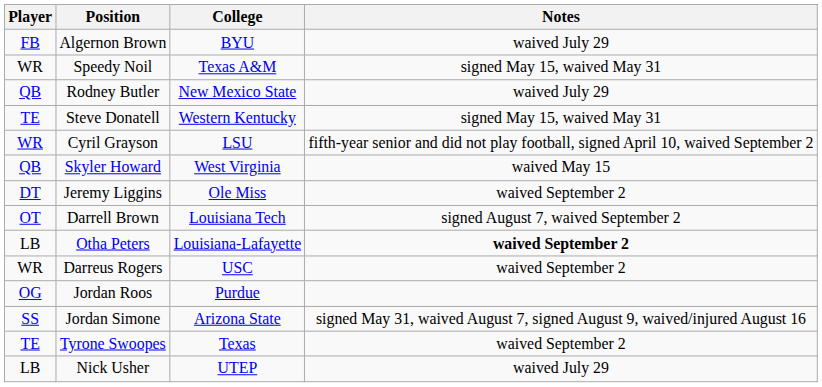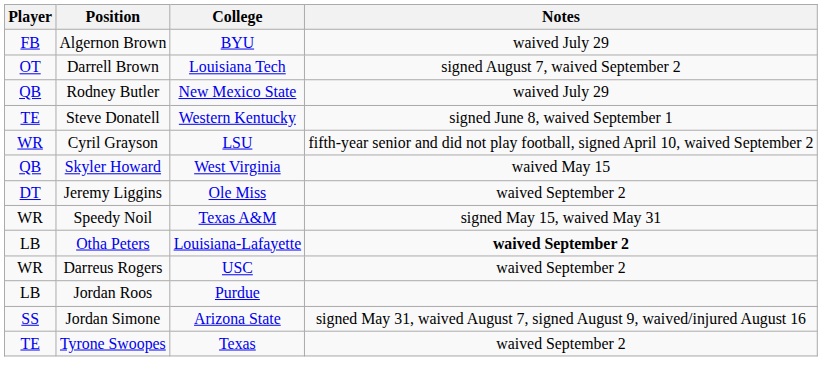 <table class="wikitable" style="text-align:center">
 <tr>
 <th>Player</th>
 <th>Position</th>
 <th>College</th>
 <th>Notes</th>
 </tr>
 <tr>
 <td><a href='#'>FB</a></td>
 <td>Algernon Brown</td>
 <td><a href='#'>BYU</a></td>
 <td>waived July 29</td>
 </tr>
 <tr>
-<td>WR</td>
-<td>Speedy Noil</td>
-<td><a href='#'>Texas A&M</a></td>
-<td>signed May 15, waived May 31</td>
+<td><a href='#'>OT</a></td>
+<td>Darrell Brown</td>
+<td><a href='#'>Louisiana Tech</a></td>
+<td>signed August 7, waived September 2</td>
 </tr>
 <tr>
 <td><a href='#'>QB</a></td>
 <td>Rodney Butler</td>
 <td><a href='#'>New Mexico State</a></td>
 <td>waived July 29</td>
 </tr>
 <tr>
 <td><a href='#'>TE</a></td>
 <td>Steve Donatell</td>
 <td><a href='#'>Western Kentucky</a></td>
-<td>signed May 15, waived May 31</td>
+<td>signed June 8, waived September 1</td>
 </tr>
 <tr>
 <td><a href='#'>WR</a></td>
 <td>Cyril Grayson</td>
 <td><a href='#'>LSU</a></td>
 <td>fifth-year senior and did not play football, signed April 10, waived September 2</td>
 </tr>
 <tr>
 <td><a href='#'>QB</a></td>
 <td><a href='#'>Skyler Howard</a></td>
 <td><a href='#'>West Virginia</a></td>
 <td>waived May 15</td>
 </tr>
 <tr>
 <td><a href='#'>DT</a></td>
 <td>Jeremy Liggins</td>
 <td><a href='#'>Ole Miss</a></td>
 <td>waived September 2</td>
 </tr>
 <tr>
-<td><a href='#'>OT</a></td>
-<td>Darrell Brown</td>
-<td><a href='#'>Louisiana Tech</a></td>
-<td>signed August 7, waived September 2</td>
+<td>WR</td>
+<td>Speedy Noil</td>
+<td><a href='#'>Texas A&M</a></td>
+<td>signed May 15, waived May 31</td>
 </tr>
 <tr>
 <td>LB</td>
 <td><a href='#'>Otha Peters</a></td>
 <td><a href='#'>Louisiana-Lafayette</a></td>
 <td><strong>waived September 2</strong></td>
 </tr>
 <tr>
 <td>WR</td>
 <td>Darreus Rogers</td>
 <td><a href='#'>USC</a></td>
 <td>waived September 2</td>
 </tr>
 <tr>
-<td><a href='#'>OG</a></td>
+<td>LB</td>
 <td>Jordan Roos</td>
 <td><a href='#'>Purdue</a></td>
 <td></td>
 </tr>
 <tr>
 <td><a href='#'>SS</a></td>
 <td>Jordan Simone</td>
 <td><a href='#'>Arizona State</a></td>
 <td>signed May 31, waived August 7, signed August 9, waived/injured August 16</td>
 </tr>
 <tr>
 <td><a href='#'>TE</a></td>
 <td><a href='#'>Tyrone Swoopes</a></td>
 <td><a href='#'>Texas</a></td>
 <td>waived September 2</td>
 </tr>
-<tr>
-<td>LB</td>
-<td>Nick Usher</td>
-<td><a href='#'>UTEP</a></td>
-<td>waived July 29</td>
-</tr>
 </table>
